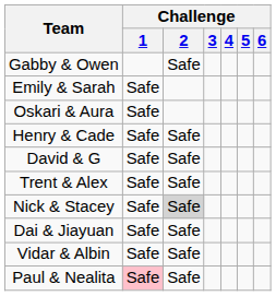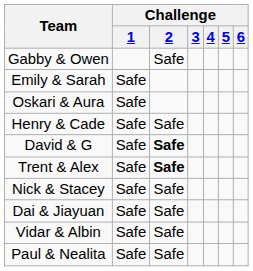 <table class="wikitable plainrowheaders" style="text-align: center; line-height:16px;">
 <tr>
 <th rowspan="2">Team</th>
 <th colspan="7">Challenge</th>
 </tr>
 <tr>
 <th scope="col"><a href='#'>1</a></th>
 <th scope="col"><a href='#'>2</a></th>
 <th scope="col"><a href='#'>3</a></th>
 <th scope="col"><a href='#'>4</a></th>
 <th scope="col"><a href='#'>5</a></th>
 <th scope="col"><a href='#'>6</a></th>
 </tr>
 <tr>
 <td>Gabby & Owen</td>
 <td></td>
 <td>Safe</td>
 <td></td>
 <td></td>
 <td></td>
 <td></td>
 </tr>
 <tr>
 <td>Emily & Sarah</td>
 <td>Safe</td>
 <td></td>
 <td></td>
 <td></td>
 <td></td>
 <td></td>
 </tr>
 <tr>
 <td>Oskari & Aura</td>
 <td>Safe</td>
 <td></td>
 <td></td>
 <td></td>
 <td></td>
 <td></td>
 </tr>
 <tr>
 <td>Henry & Cade</td>
 <td>Safe</td>
 <td>Safe</td>
 <td></td>
 <td></td>
 <td></td>
 <td></td>
 </tr>
 <tr>
 <td>David & G</td>
 <td>Safe</td>
-<td>Safe</td>
+<td><strong>Safe</strong></td>
 <td></td>
 <td></td>
 <td></td>
 <td></td>
 </tr>
 <tr>
 <td>Trent & Alex</td>
 <td>Safe</td>
-<td>Safe</td>
+<td><strong>Safe</strong></td>
 <td></td>
 <td></td>
 <td></td>
 <td></td>
 </tr>
 <tr>
 <td>Nick & Stacey</td>
 <td>Safe</td>
-<td style="background: lightgrey;">Safe</td>
+<td>Safe</td>
 <td></td>
 <td></td>
 <td></td>
 <td></td>
 </tr>
 <tr>
 <td>Dai & Jiayuan</td>
 <td>Safe</td>
 <td>Safe</td>
 <td></td>
 <td></td>
 <td></td>
 <td></td>
 </tr>
 <tr>
 <td>Vidar & Albin</td>
 <td>Safe</td>
 <td>Safe</td>
 <td></td>
 <td></td>
 <td></td>
 <td></td>
 </tr>
 <tr>
 <td>Paul & Nealita</td>
-<td style="background: pink;">Safe</td>
+<td>Safe</td>
 <td>Safe</td>
 <td></td>
 <td></td>
 <td></td>
 <td></td>
 </tr>
 </table>
